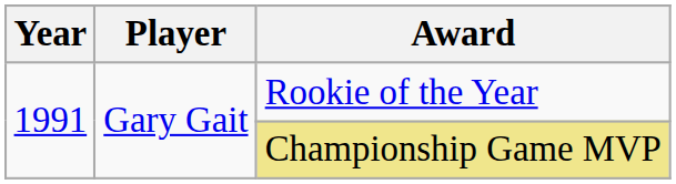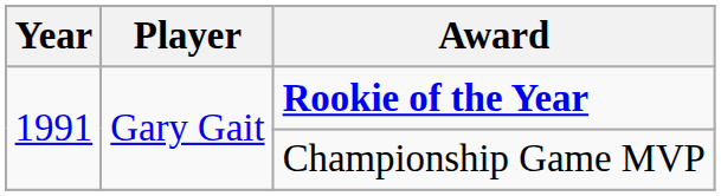 <table class="wikitable">
 <tr>
 <th>Year</th>
 <th>Player</th>
 <th>Award</th>
 </tr>
 <tr>
 <td rowspan="2"><a href='#'>1991</a></td>
 <td rowspan=2><a href='#'>Gary Gait</a></td>
-<td><a href='#'>Rookie of the Year</a></td>
+<td><strong><a href='#'>Rookie of the Year</a></strong></td>
 </tr>
 <tr>
-<td style="background: khaki;">Championship Game MVP</td>
+<td>Championship Game MVP</td>
 </tr>
 </table>
